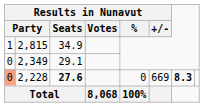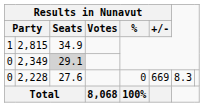 <table class="wikitable">
 <tr>
 <th align="center" colspan=6>Results in Nunavut</th>
 </tr>
 <tr>
 <th align="centre" colspan=2>Party</th>
 <th align="right">Seats</th>
 <th align="right">Votes</th>
 <th align="right">%</th>
 <th align="right">+/-</th>
 </tr>
 <tr>
 <td align="right">1</td>
 <td align="right">2,815</td>
 <td align="right">34.9</td>
 <td align="right"></td>
 </tr>
 <tr>
 <td align="right">0</td>
 <td align="right">2,349</td>
-<td align="right">29.1</td>
+<td align="right" style="background: lightgrey;">29.1</td>
 <td align="right"></td>
 </tr>
 <tr>
-<td align="right" style="background: lightsalmon;">0</td>
+<td align="right">0</td>
 <td align="right">2,228</td>
-<td align="right"><strong>27.6</strong></td>
+<td align="right">27.6</td>
 <td align="right"><br></td>
 <td align="right">0</td>
 <td align="right">669</td>
-<td align="right"><strong>8.3</strong></td>
+<td align="right">8.3</td>
 <td align="right"></td>
 </tr>
 <tr bgcolor="white">
 <th align="left" colspan=3>Total</th>
 <th align="right">8,068</th>
 <th align="right">100%</th>
 <th align="right"></th>
 </tr>
 </table>
